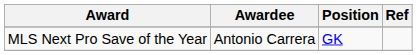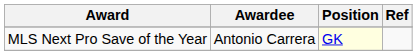 <table class="wikitable">
 <tr style="background:#cccccc;">
 <th>Award</th>
 <th>Awardee</th>
 <th>Position</th>
 <th>Ref</th>
 </tr>
 <tr>
 </tr>
 <tr>
 <td>MLS Next Pro Save of the Year</td>
 <td>Antonio Carrera</td>
-<td><a href='#'>GK</a></td>
+<td style="background: lightyellow;"><a href='#'>GK</a></td>
 <td style="text-align: center;"></td>
 </tr>
 <tr>
 </tr>
 </table>
